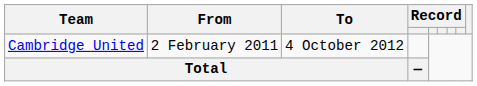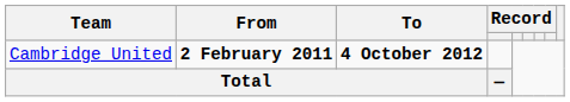 <table class=wikitable style="text-align: center">
 <tr>
 <th rowspan=2>Team</th>
 <th rowspan=2>From</th>
 <th rowspan=2>To</th>
 <th colspan=5>Record</th>
 <th rowspan=2></th>
 </tr>
 <tr>
 <th></th>
 <th></th>
 <th></th>
 <th></th>
 <th></th>
 </tr>
 <tr>
 <td align=left><a href='#'>Cambridge United</a></td>
-<td align=left>2 February 2011</td>
-<td align=left>4 October 2012<br></td>
+<td align=left><strong>2 February 2011</strong></td>
+<td align=left><strong>4 October 2012<br></strong></td>
 <td></td>
 </tr>
 <tr>
 <th colspan=3>Total<br></th>
 <th>—</th>
 </tr>
 </table>
